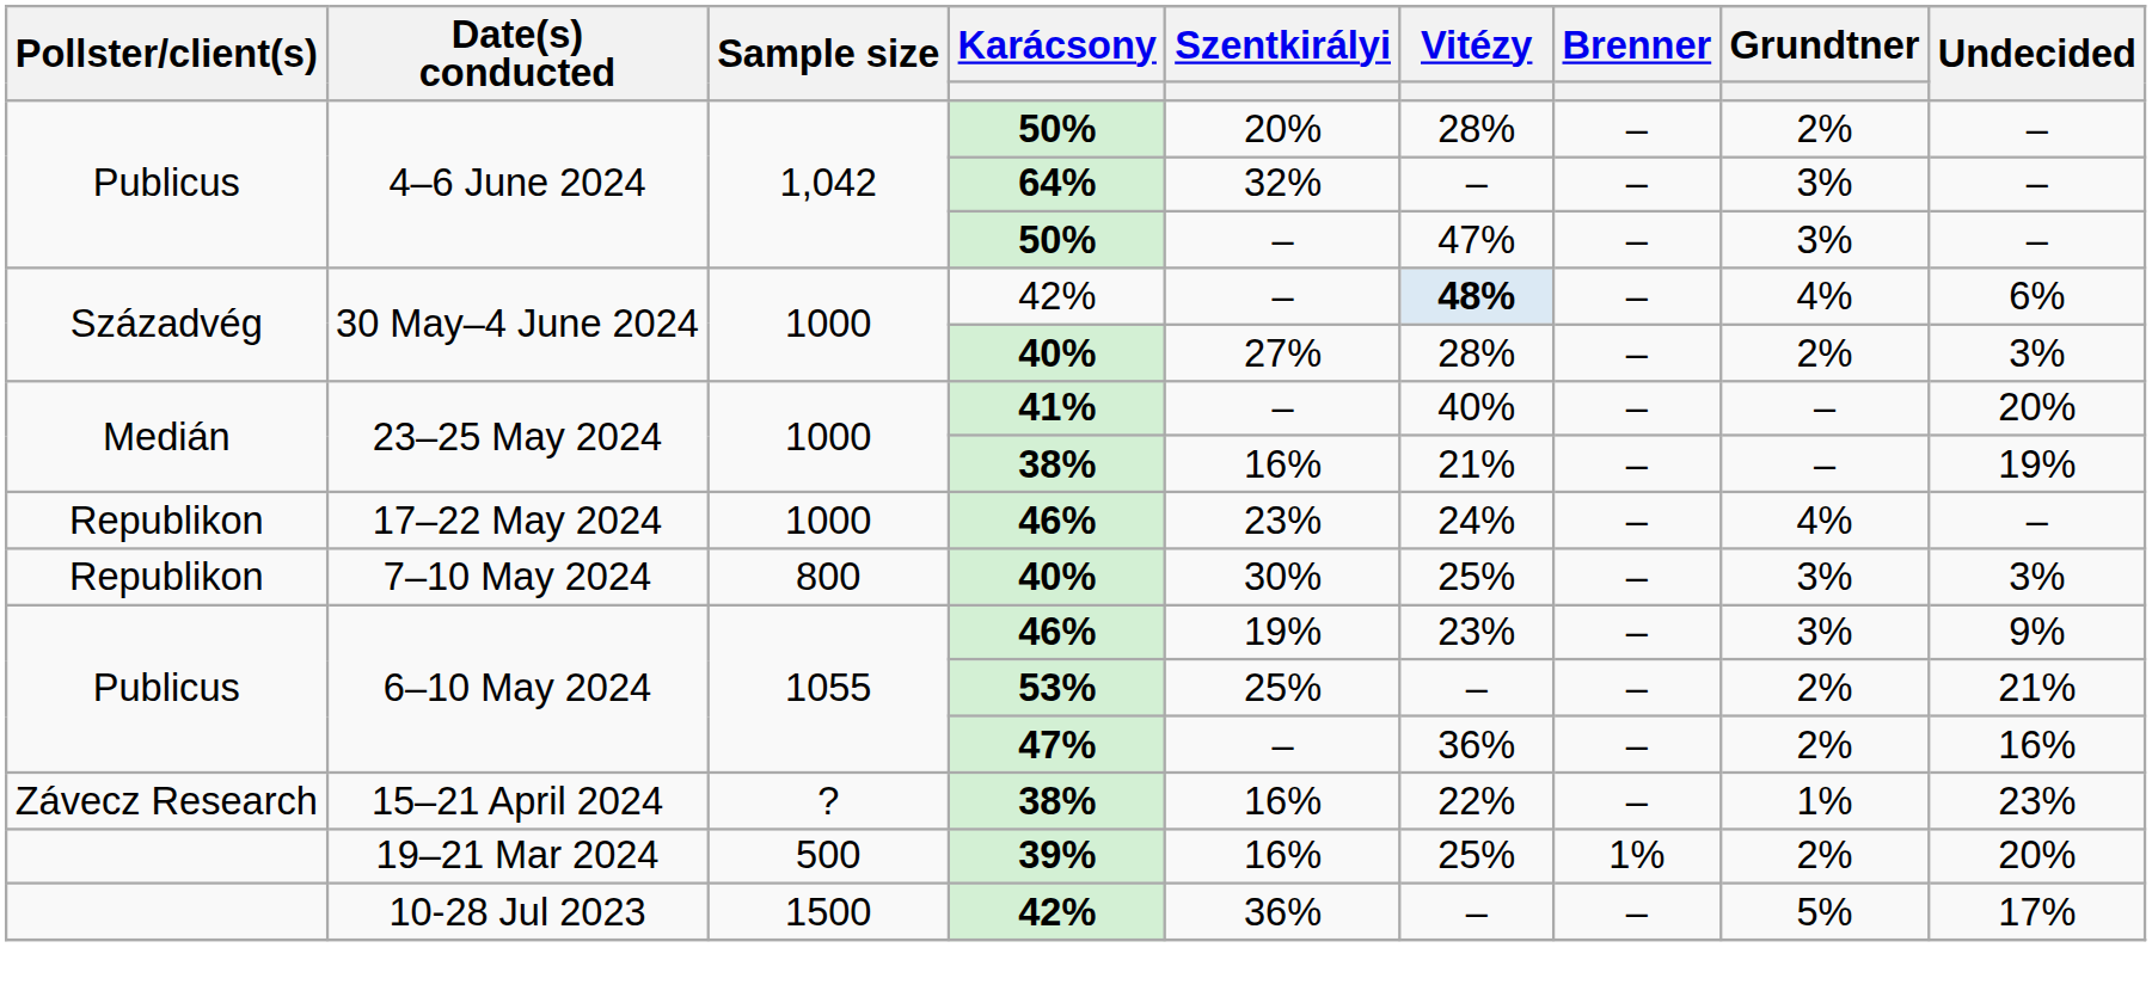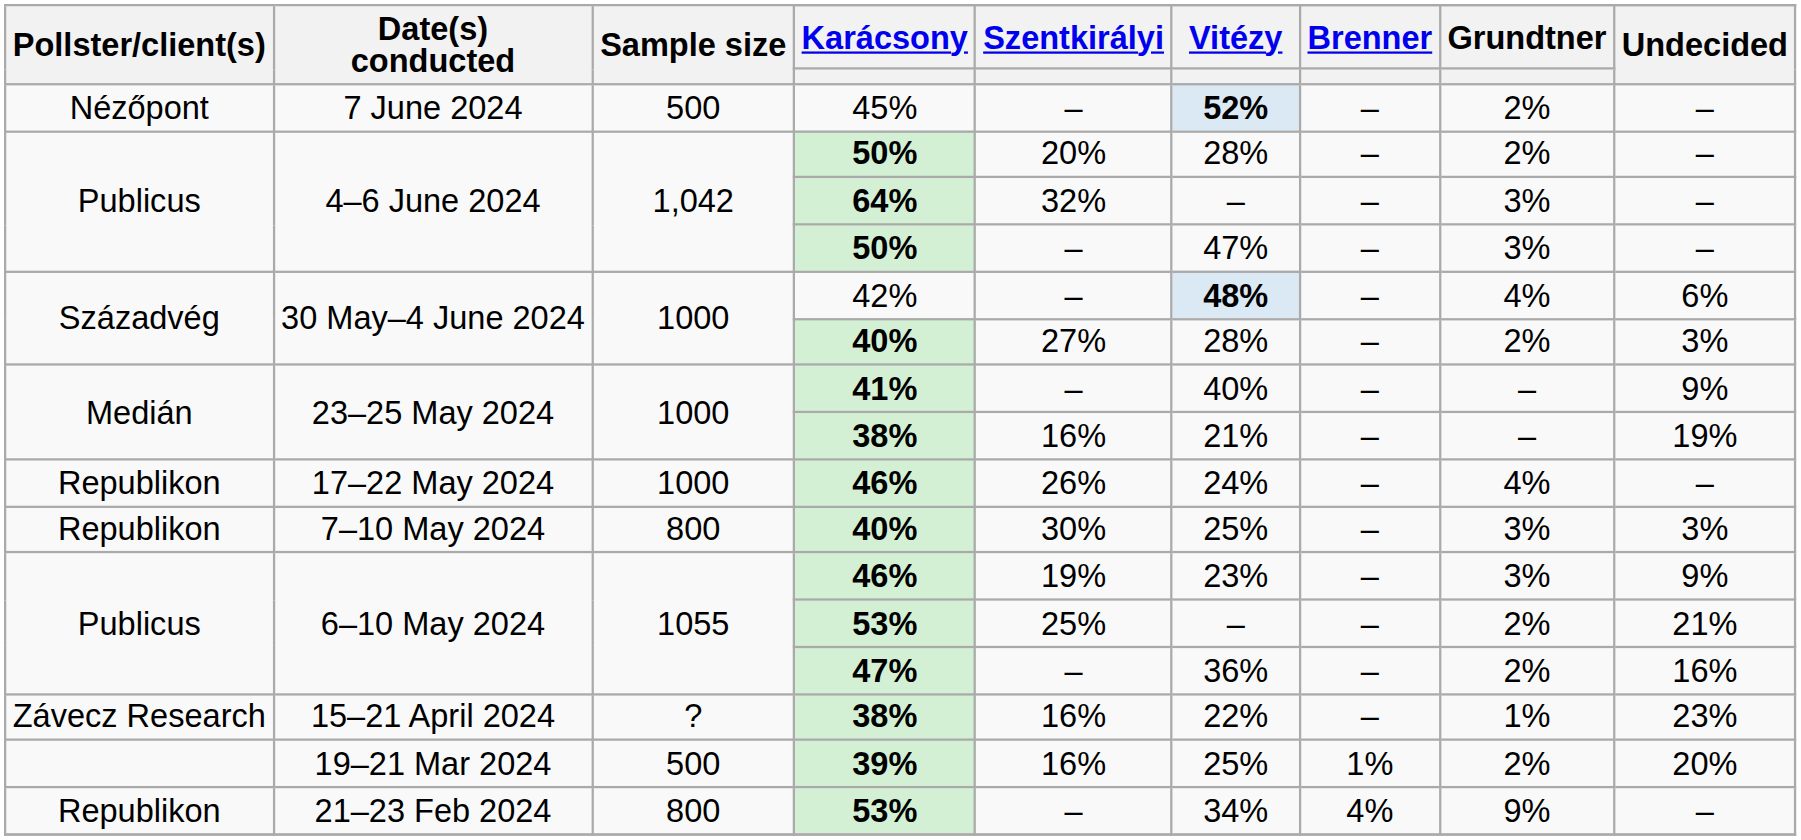 <table class="wikitable sortable" style="text-align:center;font-size:90%;line-height:14px">
 <tr>
 <th rowspan="3">Pollster/client(s)</th>
 <th rowspan="3">Date(s)<br>conducted</th>
 <th rowspan="3">Sample size</th>
 </tr>
 <tr>
 <th style="width:50px;"><a href='#'>Karácsony</a></th>
 <th style="width:50px;"><a href='#'>Szentkirályi</a></th>
 <th style="width:50px;"><a href='#'>Vitézy</a></th>
 <th style="width:50px;"><a href='#'>Brenner</a></th>
 <th style="width:50px;">Grundtner</th>
 <th style="width:50px;" rowspan="2">Undecided</th>
 </tr>
 <tr>
 <th data-sort-type="number" style="background:"></th>
 <th data-sort-type="number" style="background:"></th>
 <th data-sort-type="number" style="background:"></th>
 <th data-sort-type="number" style="background:"></th>
 <th data-sort-type="number" style="background:"></th>
+</tr>
+<tr>
+<td>Nézőpont</td>
+<td>7 June 2024</td>
+<td>500</td>
+<td>45%</td>
+<td>–</td>
+<td style="background:#DBE9F4; width:40px;"><strong>52%</strong></td>
+<td>–</td>
+<td>2%</td>
+<td>–</td>
 </tr>
 <tr>
 <td rowspan="3">Publicus</td>
 <td rowspan="3">4–6 June 2024</td>
 <td rowspan="3">1,042</td>
 <td bgcolor="#D3F0D4"><strong>50%</strong></td>
 <td>20%</td>
 <td>28%</td>
 <td>–</td>
 <td>2%</td>
 <td>–</td>
 </tr>
 <tr>
 <td bgcolor="#D3F0D4"><strong>64%</strong></td>
 <td>32%</td>
 <td>–</td>
 <td>–</td>
 <td>3%</td>
 <td>–</td>
 </tr>
 <tr>
 <td bgcolor="#D3F0D4"><strong>50%</strong></td>
 <td>–</td>
 <td>47%</td>
 <td>–</td>
 <td>3%</td>
 <td>–</td>
 </tr>
 <tr>
 <td rowspan="2">Századvég</td>
 <td rowspan="2">30 May–4 June 2024</td>
 <td rowspan="2">1000</td>
 <td>42%</td>
 <td>–</td>
 <td style="background:#DBE9F4; width:40px;"><strong>48%</strong></td>
 <td>–</td>
 <td>4%</td>
 <td>6%</td>
 </tr>
 <tr>
 <td bgcolor="#D3F0D4"><strong>40%</strong></td>
 <td>27%</td>
 <td>28%</td>
 <td>–</td>
 <td>2%</td>
 <td>3%</td>
 </tr>
 <tr>
 <td rowspan="2">Medián</td>
 <td rowspan="2">23–25 May 2024</td>
 <td rowspan="2">1000</td>
 <td bgcolor="#D3F0D4"><strong>41%</strong></td>
 <td>–</td>
 <td>40%</td>
 <td>–</td>
 <td>–</td>
-<td>20%</td>
+<td>9%</td>
 </tr>
 <tr>
 <td bgcolor="#D3F0D4"><strong>38%</strong></td>
 <td>16%</td>
 <td>21%</td>
 <td>–</td>
 <td>–</td>
 <td>19%</td>
 </tr>
 <tr>
 <td>Republikon</td>
 <td>17–22 May 2024</td>
 <td>1000</td>
 <td bgcolor="#D3F0D4"><strong>46%</strong></td>
-<td>23%</td>
+<td>26%</td>
 <td>24%</td>
 <td>–</td>
 <td>4%</td>
 <td>–</td>
 </tr>
 <tr>
 <td>Republikon</td>
 <td>7–10 May 2024</td>
 <td>800</td>
 <td bgcolor="#D3F0D4"><strong>40%</strong></td>
 <td>30%</td>
 <td>25%</td>
 <td>–</td>
 <td>3%</td>
 <td>3%</td>
 </tr>
 <tr>
 <td rowspan="3">Publicus</td>
 <td rowspan="3">6–10 May 2024</td>
 <td rowspan="3">1055</td>
 <td bgcolor="#D3F0D4"><strong>46%</strong></td>
 <td>19%</td>
 <td>23%</td>
 <td>–</td>
 <td>3%</td>
 <td>9%</td>
 </tr>
 <tr>
 <td bgcolor="#D3F0D4"><strong>53%</strong></td>
 <td>25%</td>
 <td>–</td>
 <td>–</td>
 <td>2%</td>
 <td>21%</td>
 </tr>
 <tr>
 <td bgcolor="#D3F0D4"><strong>47%</strong></td>
 <td>–</td>
 <td>36%</td>
 <td>–</td>
 <td>2%</td>
 <td>16%</td>
 </tr>
 <tr>
 <td>Závecz Research</td>
 <td>15–21 April 2024</td>
 <td>?</td>
 <td bgcolor="#D3F0D4"><strong>38%</strong></td>
 <td>16%</td>
 <td>22%</td>
 <td>–</td>
 <td>1%</td>
 <td>23%</td>
 </tr>
 <tr>
 <td></td>
 <td data-sort-value="2024-03-21">19–21 Mar 2024</td>
 <td>500</td>
 <td bgcolor="#D3F0D4"><strong>39%</strong></td>
 <td>16%</td>
 <td>25%</td>
 <td>1%</td>
 <td>2%</td>
 <td>20%</td>
 </tr>
 <tr>
-<td></td>
-<td>10-28 Jul 2023</td>
-<td>1500</td>
-<td bgcolor="#D3F0D4"><strong>42%</strong></td>
-<td>36%</td>
+<td>Republikon</td>
+<td>21–23 Feb 2024</td>
+<td>800</td>
+<td bgcolor="#D3F0D4"><strong>53%</strong></td>
 <td>–</td>
+<td>34%</td>
+<td>4%</td>
+<td>9%</td>
 <td>–</td>
-<td>5%</td>
-<td>17%</td>
 </tr>
 <tr>
 </tr>
 </table>
